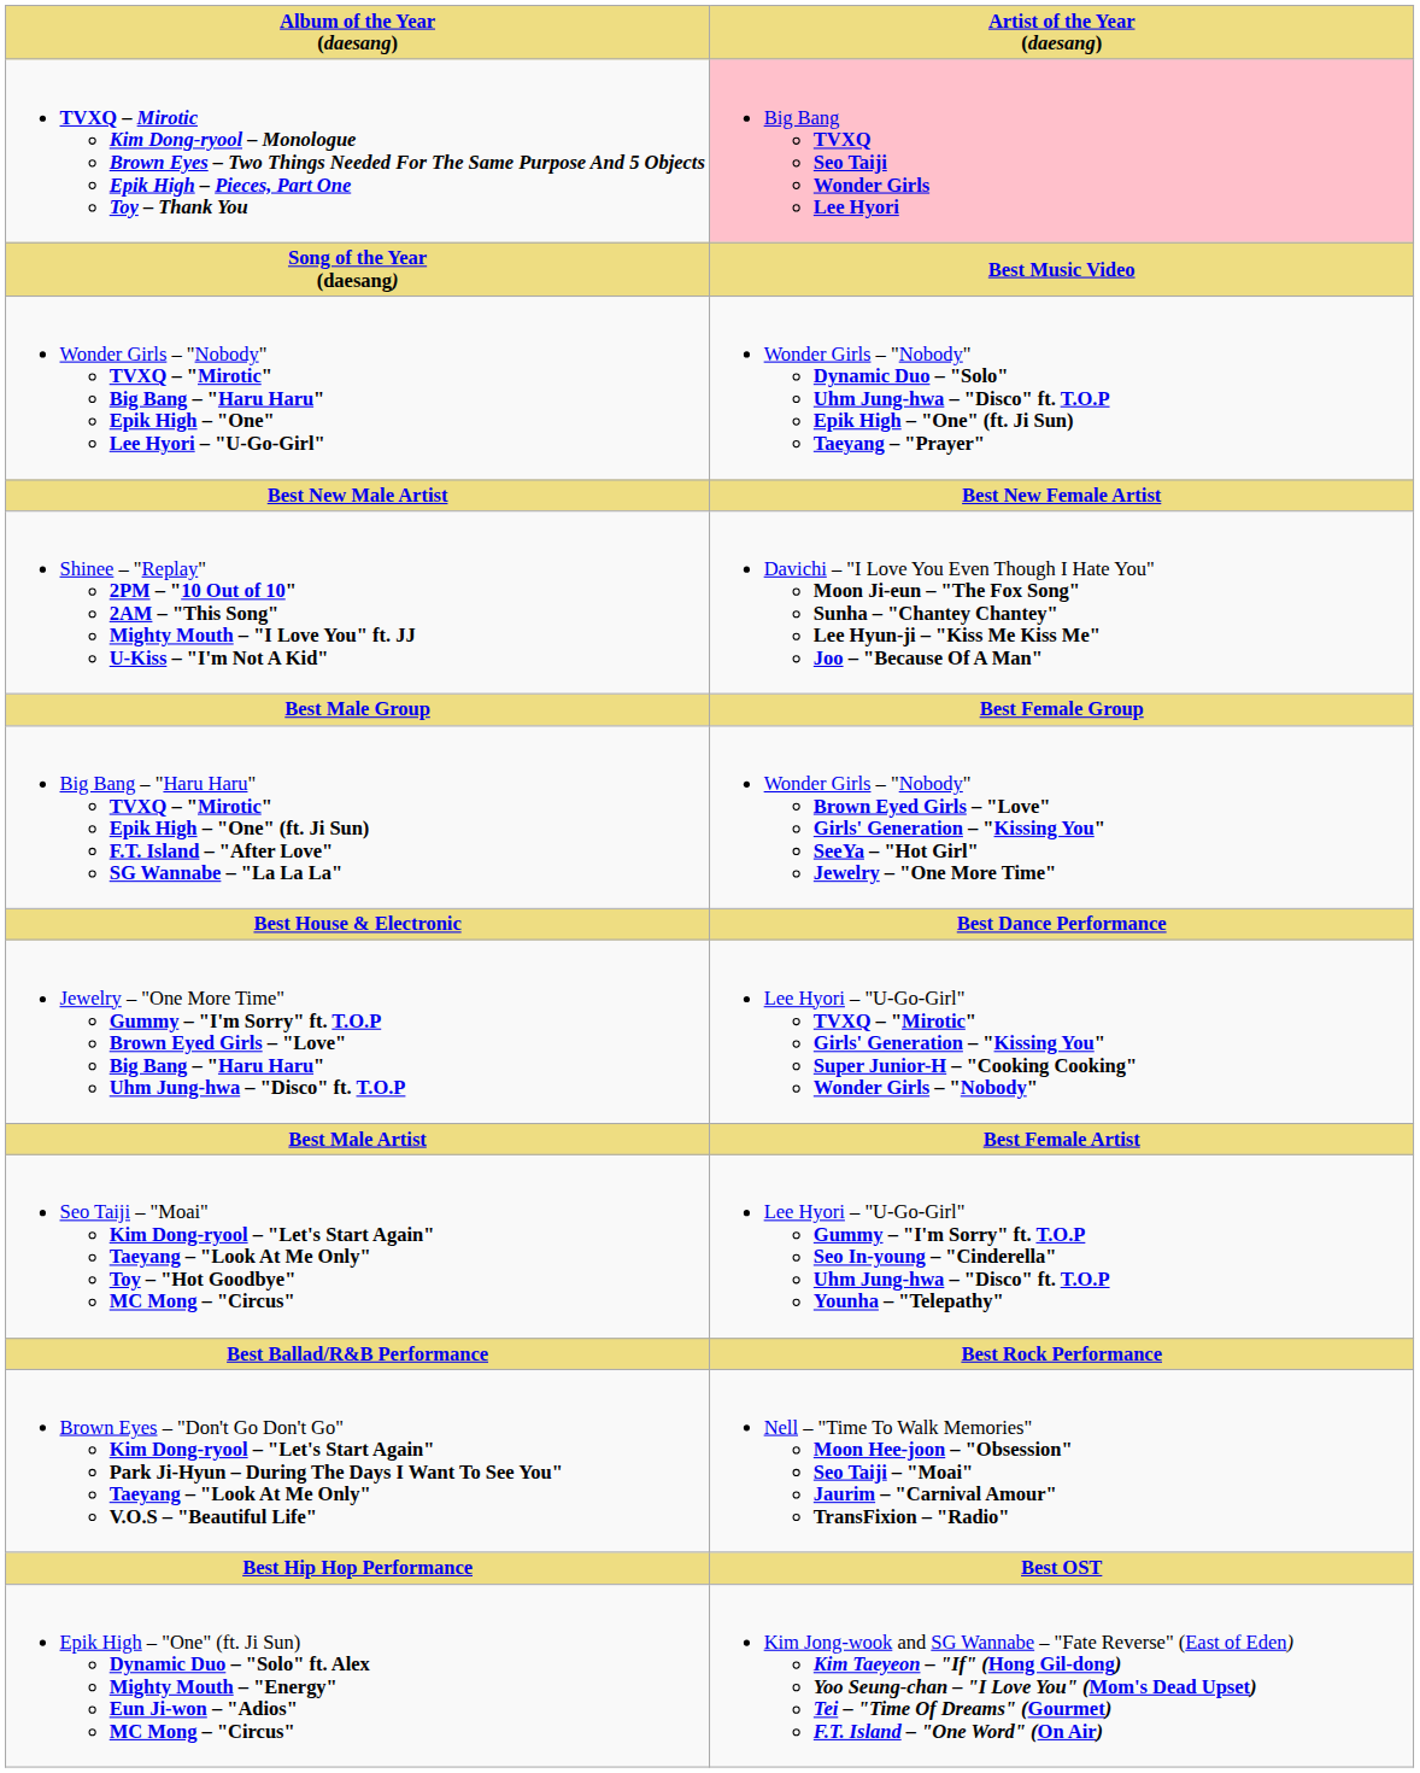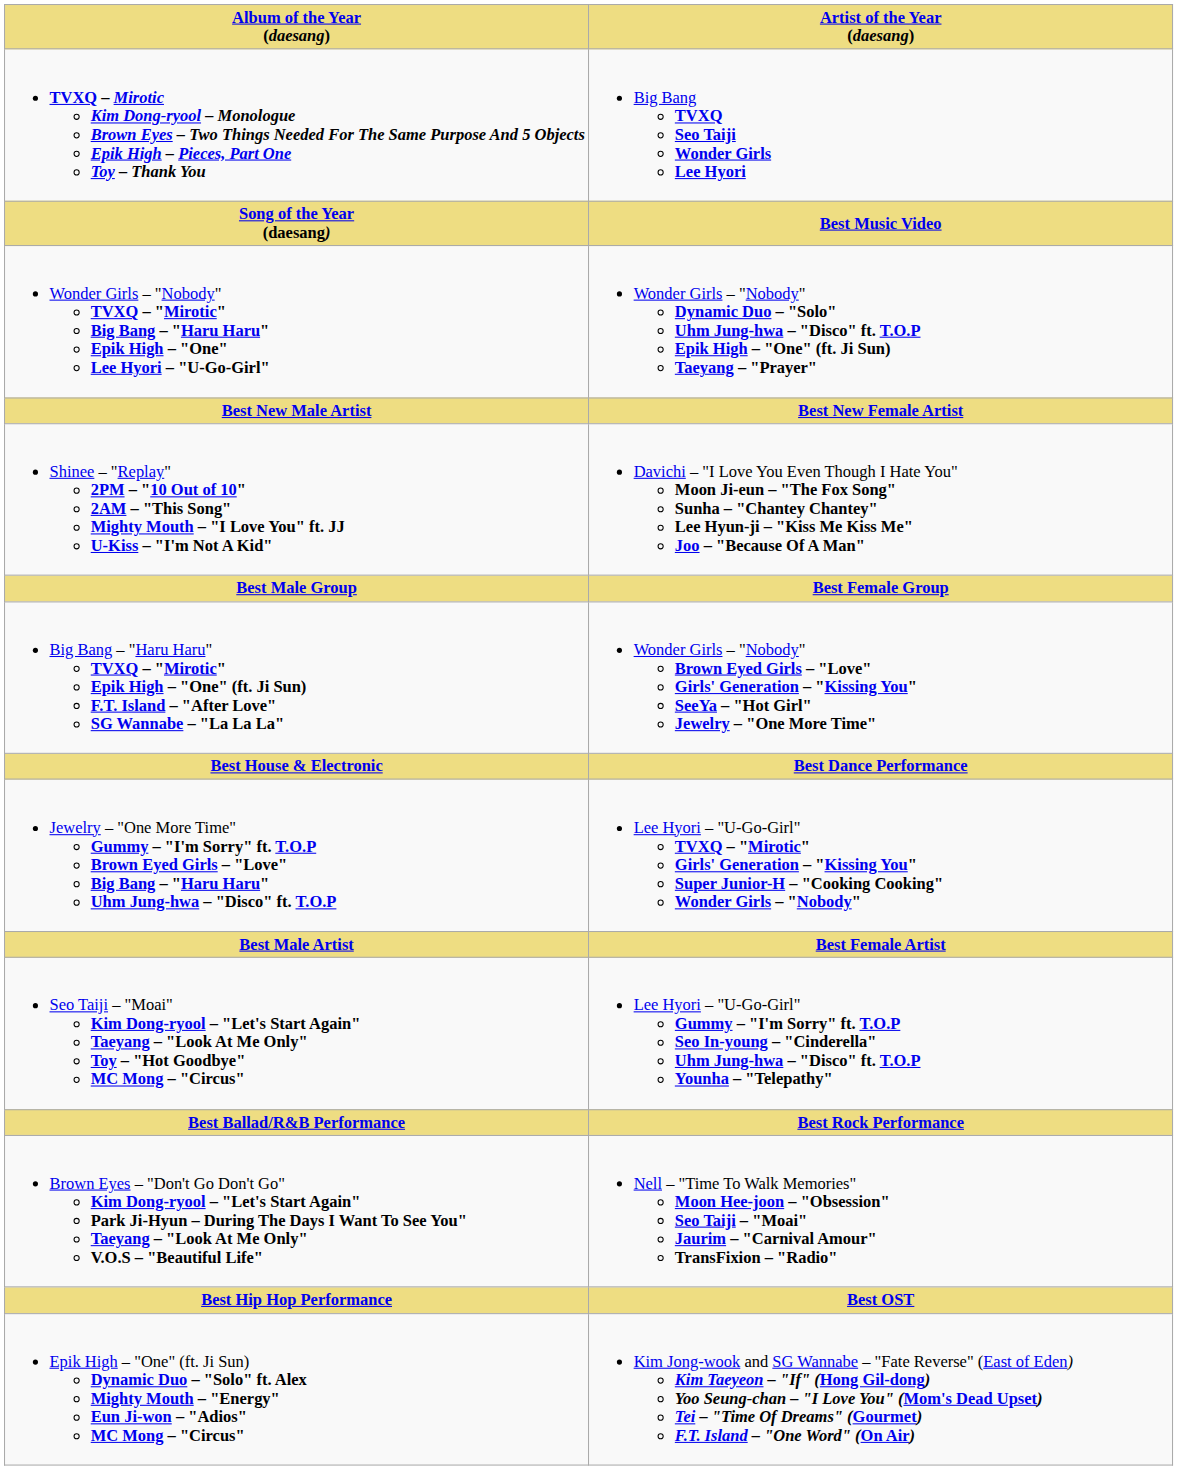 <table class="wikitable">
 <tr>
 <th style="background:#EEDD82; width:50%"><a href='#'>Album of the Year</a><br>(<em>daesang</em>)</th>
 <th style="background:#EEDD82; width:50%"><a href='#'>Artist of the Year</a><br>(<em>daesang</em>)</th>
 </tr>
 <tr>
 <td style="vertical-align:top"><br><ul><li><strong><a href='#'>TVXQ</a> – <em><a href='#'>Mirotic</a><strong><em><ul><li><a href='#'>Kim Dong-ryool</a> – </em>Monologue<em></li><li><a href='#'>Brown Eyes</a> – </em>Two Things Needed For The Same Purpose And 5 Objects<em></li><li><a href='#'>Epik High</a> – </em><a href='#'>Pieces, Part One</a><em></li><li><a href='#'>Toy</a> – </em>Thank You<em></li></ul></li></ul></td>
-<td style="background: pink; vertical-align:top"><br><ul><li></strong><a href='#'>Big Bang</a><strong><ul><li><a href='#'>TVXQ</a></li><li><a href='#'>Seo Taiji</a></li><li><a href='#'>Wonder Girls</a></li><li><a href='#'>Lee Hyori</a></li></ul></li></ul></td>
+<td style="vertical-align:top"><br><ul><li></strong><a href='#'>Big Bang</a><strong><ul><li><a href='#'>TVXQ</a></li><li><a href='#'>Seo Taiji</a></li><li><a href='#'>Wonder Girls</a></li><li><a href='#'>Lee Hyori</a></li></ul></li></ul></td>
 </tr>
 <tr>
 <th style="background:#EEDD82; width:50%"><a href='#'>Song of the Year</a><br>(</em>daesang<em>)</th>
 <th style="background:#EEDD82; width:50%"><a href='#'>Best Music Video</a></th>
 </tr>
 <tr>
 <td style="vertical-align:top"><br><ul><li></strong><a href='#'>Wonder Girls</a> – "<a href='#'>Nobody</a>"<strong><ul><li><a href='#'>TVXQ</a> – "<a href='#'>Mirotic</a>"</li><li><a href='#'>Big Bang</a> – "<a href='#'>Haru Haru</a>"</li><li><a href='#'>Epik High</a> – "One"</li><li><a href='#'>Lee Hyori</a> – "U-Go-Girl"</li></ul></li></ul></td>
 <td style="vertical-align:top"><br><ul><li></strong><a href='#'>Wonder Girls</a> – "<a href='#'>Nobody</a>"<strong><ul><li><a href='#'>Dynamic Duo</a> – "Solo"</li><li><a href='#'>Uhm Jung-hwa</a> – "Disco" ft. <a href='#'>T.O.P</a></li><li><a href='#'>Epik High</a> – "One" (ft. Ji Sun)</li><li><a href='#'>Taeyang</a> – "Prayer"</li></ul></li></ul></td>
 </tr>
 <tr>
 <th style="background:#EEDD82; width:50%"><a href='#'>Best New Male Artist</a></th>
 <th style="background:#EEDD82; width:50%"><a href='#'>Best New Female Artist</a></th>
 </tr>
 <tr>
 <td style="vertical-align:top"><br><ul><li></strong><a href='#'>Shinee</a> – "<a href='#'>Replay</a>"<strong><ul><li><a href='#'>2PM</a> – "<a href='#'>10 Out of 10</a>"</li><li><a href='#'>2AM</a> – "This Song"</li><li><a href='#'>Mighty Mouth</a> – "I Love You" ft. JJ</li><li><a href='#'>U-Kiss</a> – "I'm Not A Kid"</li></ul></li></ul></td>
 <td style="vertical-align:top"><br><ul><li></strong><a href='#'>Davichi</a> – "I Love You Even Though I Hate You"<strong><ul><li>Moon Ji-eun – "The Fox Song"</li><li>Sunha – "Chantey Chantey"</li><li>Lee Hyun-ji – "Kiss Me Kiss Me"</li><li><a href='#'>Joo</a> – "Because Of A Man"</li></ul></li></ul></td>
 </tr>
 <tr>
 <th style="background:#EEDD82; width:50%"><a href='#'>Best Male Group</a></th>
 <th style="background:#EEDD82; width:50%"><a href='#'>Best Female Group</a></th>
 </tr>
 <tr>
 <td style="vertical-align:top"><br><ul><li></strong><a href='#'>Big Bang</a> – "<a href='#'>Haru Haru</a>"<strong><ul><li><a href='#'>TVXQ</a> – "<a href='#'>Mirotic</a>"</li><li><a href='#'>Epik High</a> – "One" (ft. Ji Sun)</li><li><a href='#'>F.T. Island</a> – "After Love"</li><li><a href='#'>SG Wannabe</a> – "La La La"</li></ul></li></ul></td>
 <td style="vertical-align:top"><br><ul><li></strong><a href='#'>Wonder Girls</a> – "<a href='#'>Nobody</a>"<strong><ul><li><a href='#'>Brown Eyed Girls</a> – "Love"</li><li><a href='#'>Girls' Generation</a> – "<a href='#'>Kissing You</a>"</li><li><a href='#'>SeeYa</a> – "Hot Girl"</li><li><a href='#'>Jewelry</a> – "One More Time"</li></ul></li></ul></td>
 </tr>
 <tr>
 <th style="background:#EEDD82; width:50%"><a href='#'>Best House & Electronic</a></th>
 <th style="background:#EEDD82; width:50%"><a href='#'>Best Dance Performance</a></th>
 </tr>
 <tr>
 <td style="vertical-align:top"><br><ul><li></strong><a href='#'>Jewelry</a> – "One More Time"<strong><ul><li><a href='#'>Gummy</a> – "I'm Sorry" ft. <a href='#'>T.O.P</a></li><li><a href='#'>Brown Eyed Girls</a> – "Love"</li><li><a href='#'>Big Bang</a> – "<a href='#'>Haru Haru</a>"</li><li><a href='#'>Uhm Jung-hwa</a> – "Disco" ft. <a href='#'>T.O.P</a></li></ul></li></ul></td>
 <td style="vertical-align:top"><br><ul><li></strong><a href='#'>Lee Hyori</a> – "U-Go-Girl"<strong><ul><li><a href='#'>TVXQ</a> – "<a href='#'>Mirotic</a>"</li><li><a href='#'>Girls' Generation</a> – "<a href='#'>Kissing You</a>"</li><li><a href='#'>Super Junior-H</a> – "Cooking Cooking"</li><li><a href='#'>Wonder Girls</a> – "<a href='#'>Nobody</a>"</li></ul></li></ul></td>
 </tr>
 <tr>
 <th style="background:#EEDD82; width:50%"><a href='#'>Best Male Artist</a></th>
 <th style="background:#EEDD82; width:50%"><a href='#'>Best Female Artist</a></th>
 </tr>
 <tr>
 <td style="vertical-align:top"><br><ul><li></strong><a href='#'>Seo Taiji</a> – "Moai"<strong><ul><li><a href='#'>Kim Dong-ryool</a> – "Let's Start Again"</li><li><a href='#'>Taeyang</a> – "Look At Me Only"</li><li><a href='#'>Toy</a> – "Hot Goodbye"</li><li><a href='#'>MC Mong</a> – "Circus"</li></ul></li></ul></td>
 <td style="vertical-align:top"><br><ul><li></strong><a href='#'>Lee Hyori</a> – "U-Go-Girl"<strong><ul><li><a href='#'>Gummy</a> – "I'm Sorry" ft. <a href='#'>T.O.P</a></li><li><a href='#'>Seo In-young</a> – "Cinderella"</li><li><a href='#'>Uhm Jung-hwa</a> – "Disco" ft. <a href='#'>T.O.P</a></li><li><a href='#'>Younha</a> – "Telepathy"</li></ul></li></ul></td>
 </tr>
 <tr>
 <th style="background:#EEDD82; width:50%"><a href='#'>Best Ballad/R&B Performance</a></th>
 <th style="background:#EEDD82; width:50%"><a href='#'>Best Rock Performance</a></th>
 </tr>
 <tr>
 <td style="vertical-align:top"><br><ul><li></strong><a href='#'>Brown Eyes</a> – "Don't Go Don't Go"<strong><ul><li><a href='#'>Kim Dong-ryool</a> – "Let's Start Again"</li><li>Park Ji-Hyun – During The Days I Want To See You"</li><li><a href='#'>Taeyang</a> – "Look At Me Only"</li><li>V.O.S – "Beautiful Life"</li></ul></li></ul></td>
 <td style="vertical-align:top"><br><ul><li></strong><a href='#'>Nell</a> – "Time To Walk Memories"<strong><ul><li><a href='#'>Moon Hee-joon</a> – "Obsession"</li><li><a href='#'>Seo Taiji</a> – "Moai"</li><li><a href='#'>Jaurim</a> – "Carnival Amour"</li><li>TransFixion – "Radio"</li></ul></li></ul></td>
 </tr>
 <tr>
 <th style="background:#EEDD82; width:50%"><a href='#'>Best Hip Hop Performance</a></th>
 <th style="background:#EEDD82; width:50%"><a href='#'>Best OST</a></th>
 </tr>
 <tr>
 <td style="vertical-align:top"><br><ul><li></strong><a href='#'>Epik High</a> – "One" (ft. Ji Sun)<strong><ul><li><a href='#'>Dynamic Duo</a> – "Solo" ft. Alex</li><li><a href='#'>Mighty Mouth</a> – "Energy"</li><li><a href='#'>Eun Ji-won</a> – "Adios"</li><li><a href='#'>MC Mong</a> – "Circus"</li></ul></li></ul></td>
 <td style="vertical-align:top"><br><ul><li></strong><a href='#'>Kim Jong-wook</a> and <a href='#'>SG Wannabe</a> – "Fate Reverse" (</em><a href='#'>East of Eden</a><em>)<strong><ul><li><a href='#'>Kim Taeyeon</a> – "If" (</em><a href='#'>Hong Gil-dong</a><em>)</li><li>Yoo Seung-chan – "I Love You" (</em><a href='#'>Mom's Dead Upset</a><em>)</li><li><a href='#'>Tei</a> – "Time Of Dreams" (</em><a href='#'>Gourmet</a><em>)</li><li><a href='#'>F.T. Island</a> – "One Word" (</em><a href='#'>On Air</a><em>)</li></ul></li></ul></td>
 </tr>
 </table>
